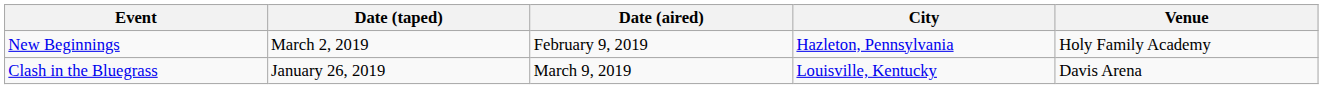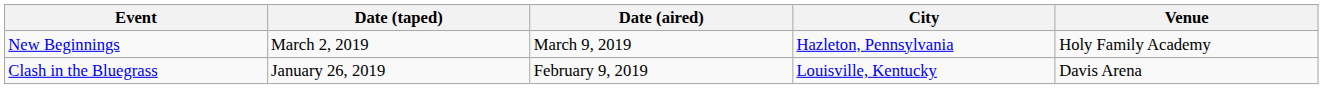 <table class="wikitable sortable" width="100%" style="align: center">
 <tr>
 <th width="20%">Event</th>
 <th width="20%">Date (taped)</th>
 <th width="20%">Date (aired)</th>
 <th width="20%">City</th>
 <th width="20%">Venue</th>
 </tr>
 <tr>
 <td><a href='#'>New Beginnings</a></td>
 <td>March 2, 2019</td>
-<td>February 9, 2019</td>
+<td>March 9, 2019</td>
 <td><a href='#'>Hazleton, Pennsylvania</a></td>
 <td>Holy Family Academy</td>
 </tr>
 <tr>
 <td><a href='#'>Clash in the Bluegrass</a></td>
 <td>January 26, 2019</td>
-<td>March 9, 2019</td>
+<td>February 9, 2019</td>
 <td><a href='#'>Louisville, Kentucky</a></td>
 <td>Davis Arena</td>
 </tr>
 </table>
